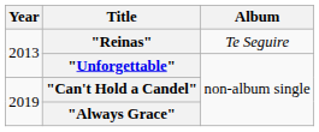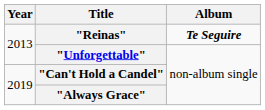 <table class="wikitable plainrowheaders" style="text-align:center;">
 <tr>
 <th scope="col">Year</th>
 <th scope="col">Title</th>
 <th scope="col">Album</th>
 </tr>
 <tr>
 <td rowspan="2">2013</td>
 <th scope="row">"Reinas"<br></th>
-<td><em>Te Seguire</em></td>
+<td><strong><em>Te Seguire</em></strong></td>
 </tr>
 <tr>
 <th scope="row">"<a href='#'>Unforgettable</a>"<br></th>
 <td rowspan="3">non-album single</td>
 </tr>
 <tr>
 <td rowspan="2">2019</td>
 <th scope="row">"Can't Hold a Candel"<br></th>
 </tr>
 <tr>
 <th scope="row">"Always Grace"<br></th>
 </tr>
 </table>
